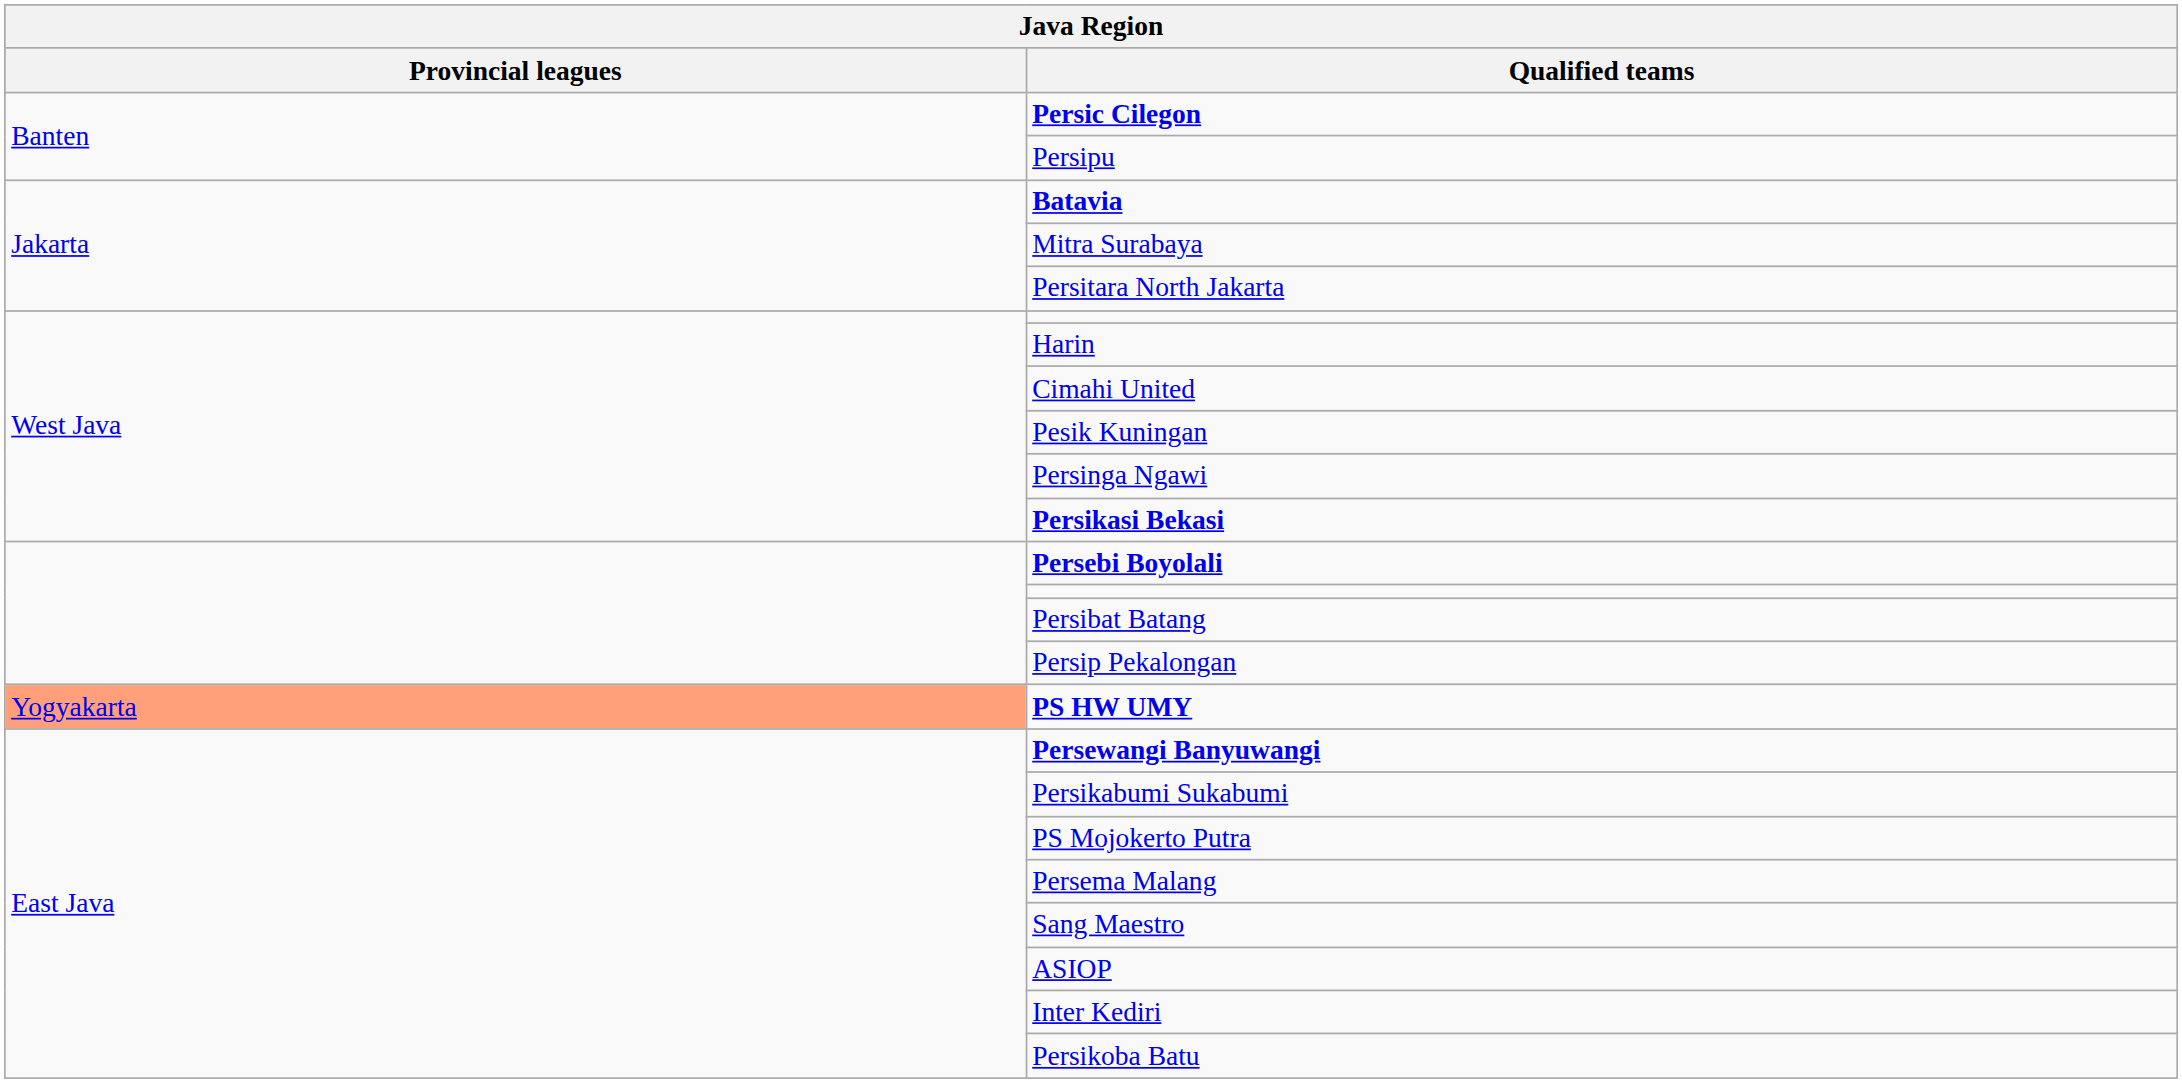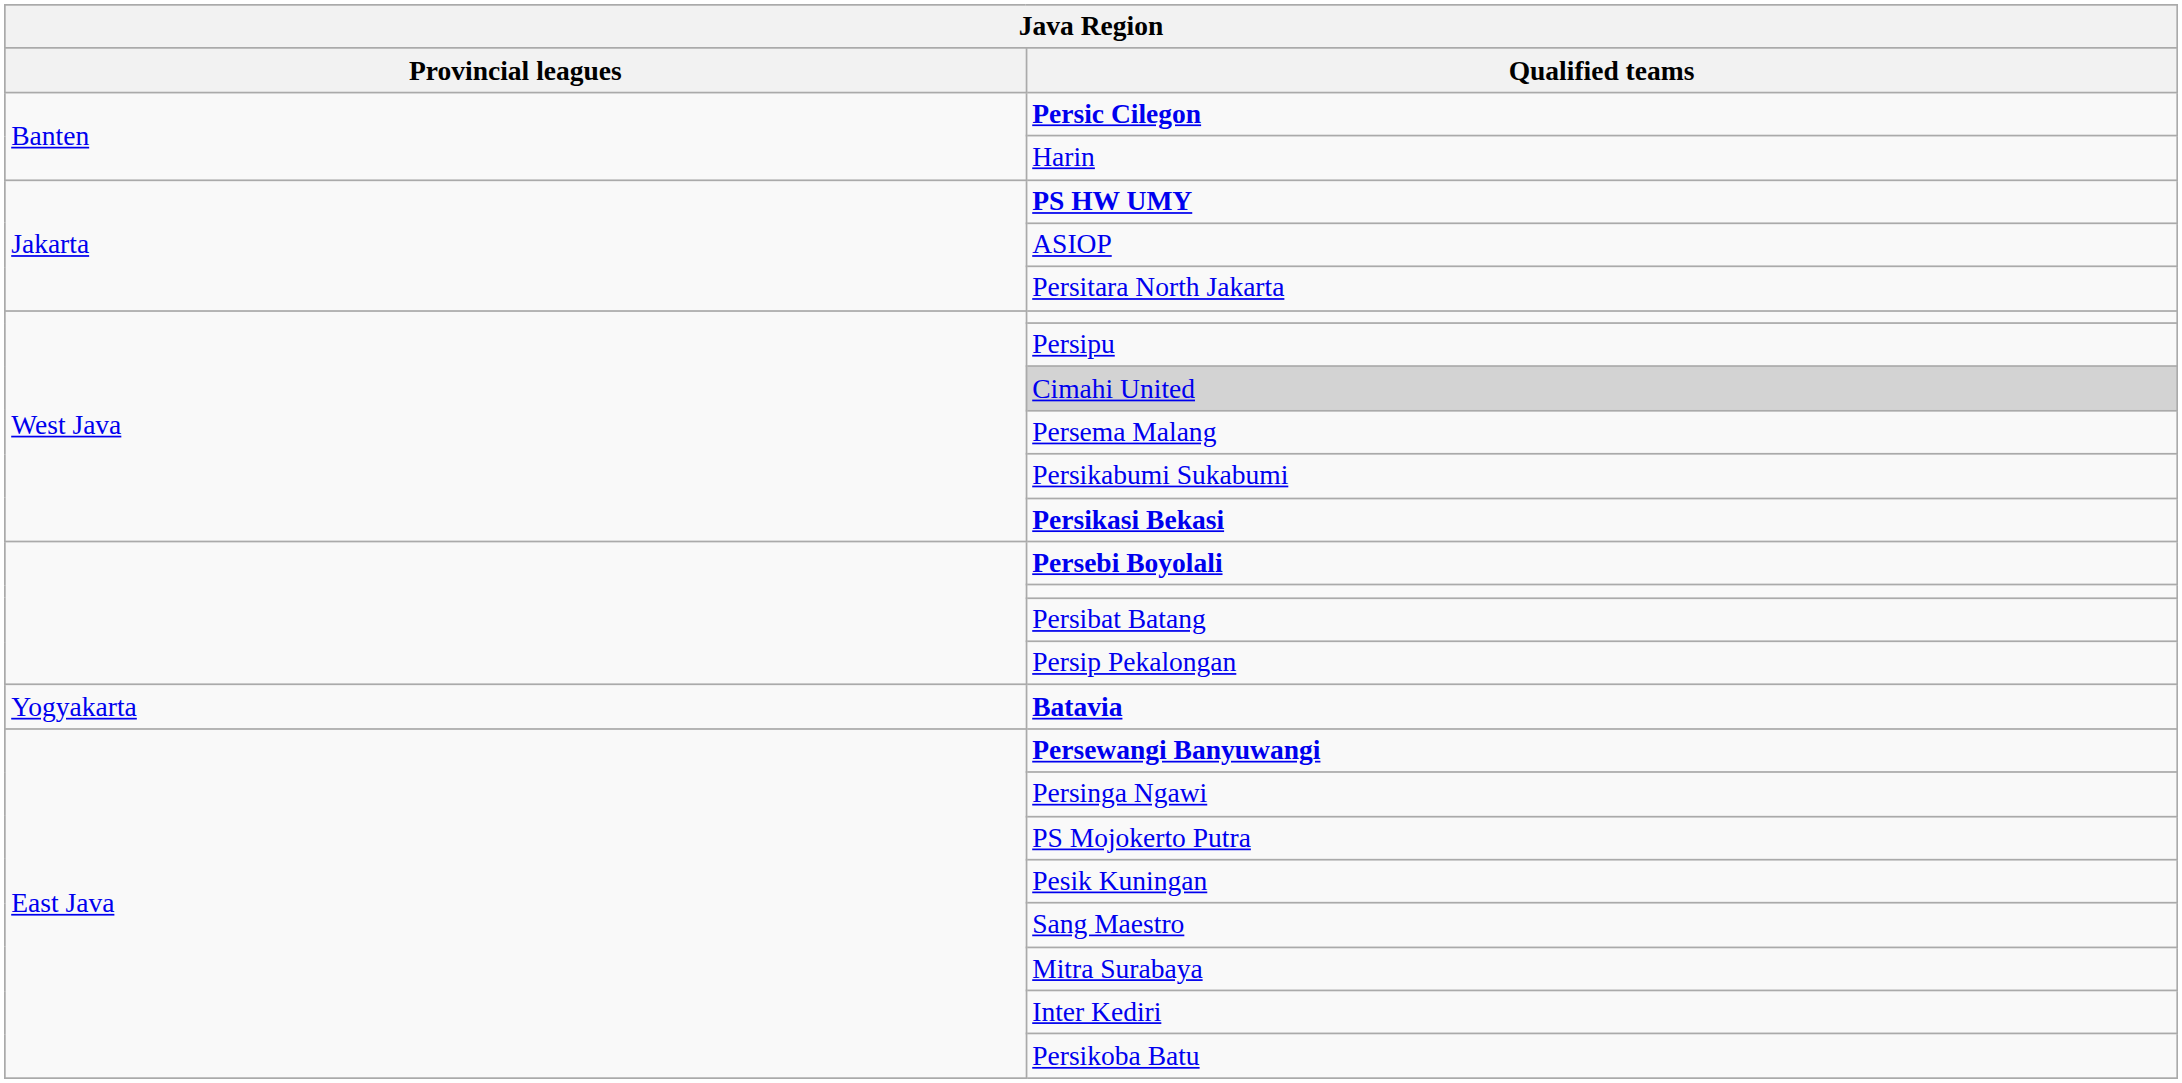 <table class="wikitable sortable" style="width:100%;">
 <tr>
 <th colspan="2"><strong>Java Region</strong></th>
 </tr>
 <tr>
 <th style="width:47%;">Provincial leagues</th>
 <th style="width:53%;">Qualified teams</th>
 </tr>
 <tr>
 <td rowspan="2"> <a href='#'>Banten</a></td>
 <td><strong><a href='#'>Persic Cilegon</a></strong></td>
 </tr>
 <tr>
-<td><a href='#'>Persipu</a></td>
+<td><a href='#'>Harin</a></td>
 </tr>
 <tr>
 <td rowspan="3"> <a href='#'>Jakarta</a></td>
-<td><strong><a href='#'>Batavia</a></strong></td>
+<td><strong><a href='#'>PS HW UMY</a></strong></td>
 </tr>
 <tr>
-<td><a href='#'>Mitra Surabaya</a></td>
+<td><a href='#'>ASIOP</a></td>
 </tr>
 <tr>
 <td><a href='#'>Persitara North Jakarta</a></td>
 </tr>
 <tr>
 <td rowspan="6"> <a href='#'>West Java</a></td>
 <td></td>
 </tr>
 <tr>
-<td><a href='#'>Harin</a></td>
+<td><a href='#'>Persipu</a></td>
 </tr>
 <tr>
-<td><a href='#'>Cimahi United</a></td>
+<td style="background: lightgrey;"><a href='#'>Cimahi United</a></td>
 </tr>
 <tr>
-<td><a href='#'>Pesik Kuningan</a></td>
+<td><a href='#'>Persema Malang</a></td>
 </tr>
 <tr>
-<td><a href='#'>Persinga Ngawi</a></td>
+<td><a href='#'>Persikabumi Sukabumi</a></td>
 </tr>
 <tr>
 <td><strong><a href='#'>Persikasi Bekasi</a></strong></td>
 </tr>
 <tr>
 <td rowspan="4"></td>
 <td><strong><a href='#'>Persebi Boyolali</a></strong></td>
 </tr>
 <tr>
 <td></td>
 </tr>
 <tr>
 <td><a href='#'>Persibat Batang</a></td>
 </tr>
 <tr>
 <td><a href='#'>Persip Pekalongan</a></td>
 </tr>
 <tr>
-<td style="background: lightsalmon;"> <a href='#'>Yogyakarta</a></td>
-<td><strong><a href='#'>PS HW UMY</a></strong></td>
+<td> <a href='#'>Yogyakarta</a></td>
+<td><strong><a href='#'>Batavia</a></strong></td>
 </tr>
 <tr>
 <td rowspan="8"> <a href='#'>East Java</a></td>
 <td><strong><a href='#'>Persewangi Banyuwangi</a></strong></td>
 </tr>
 <tr>
-<td><a href='#'>Persikabumi Sukabumi</a></td>
+<td><a href='#'>Persinga Ngawi</a></td>
 </tr>
 <tr>
 <td><a href='#'>PS Mojokerto Putra</a></td>
 </tr>
 <tr>
-<td><a href='#'>Persema Malang</a></td>
+<td><a href='#'>Pesik Kuningan</a></td>
 </tr>
 <tr>
 <td><a href='#'>Sang Maestro</a></td>
 </tr>
 <tr>
-<td><a href='#'>ASIOP</a></td>
+<td><a href='#'>Mitra Surabaya</a></td>
 </tr>
 <tr>
 <td><a href='#'>Inter Kediri</a></td>
 </tr>
 <tr>
 <td><a href='#'>Persikoba Batu</a></td>
 </tr>
 </table>
